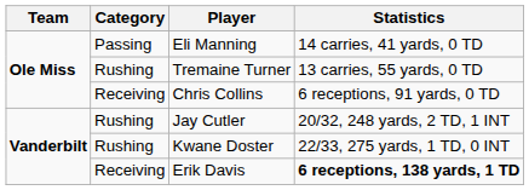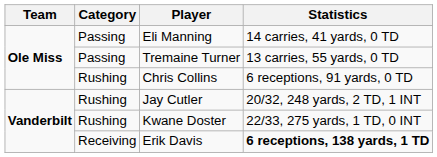 <table class="wikitable" style="float: right;">
 <tr>
 <th>Team</th>
 <th>Category</th>
 <th>Player</th>
 <th>Statistics</th>
 </tr>
 <tr>
 <td rowspan=3><strong>Ole Miss</strong></td>
 <td>Passing</td>
 <td>Eli Manning</td>
 <td>14 carries, 41 yards, 0 TD</td>
 </tr>
 <tr>
-<td>Rushing</td>
+<td>Passing</td>
 <td>Tremaine Turner</td>
 <td>13 carries, 55 yards, 0 TD</td>
 </tr>
 <tr>
-<td>Receiving</td>
+<td>Rushing</td>
 <td>Chris Collins</td>
 <td>6 receptions, 91 yards, 0 TD</td>
 </tr>
 <tr>
 <td rowspan=3><strong>Vanderbilt</strong></td>
 <td>Rushing</td>
 <td>Jay Cutler</td>
 <td>20/32, 248 yards, 2 TD, 1 INT</td>
 </tr>
 <tr>
 <td>Rushing</td>
 <td>Kwane Doster</td>
 <td>22/33, 275 yards, 1 TD, 0 INT</td>
 </tr>
 <tr>
 <td>Receiving</td>
 <td>Erik Davis</td>
 <td><strong>6 receptions, 138 yards, 1 TD</strong></td>
 </tr>
 </table>
